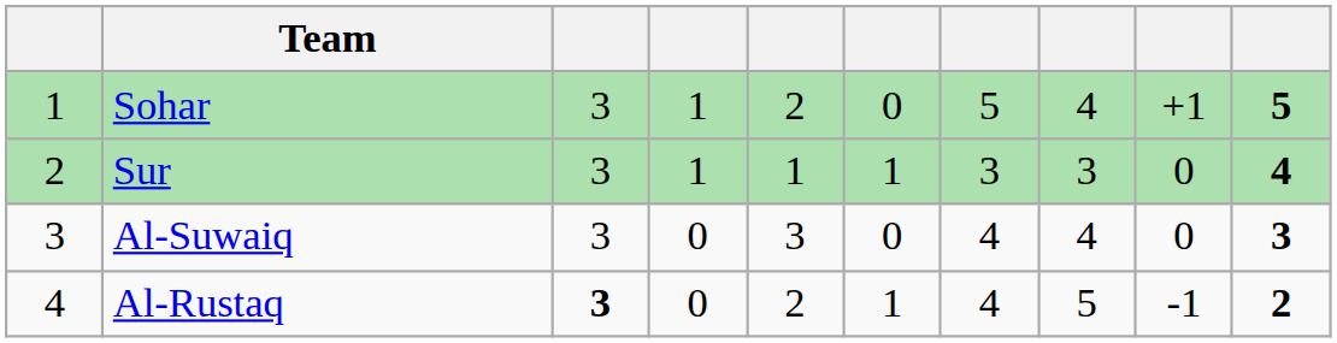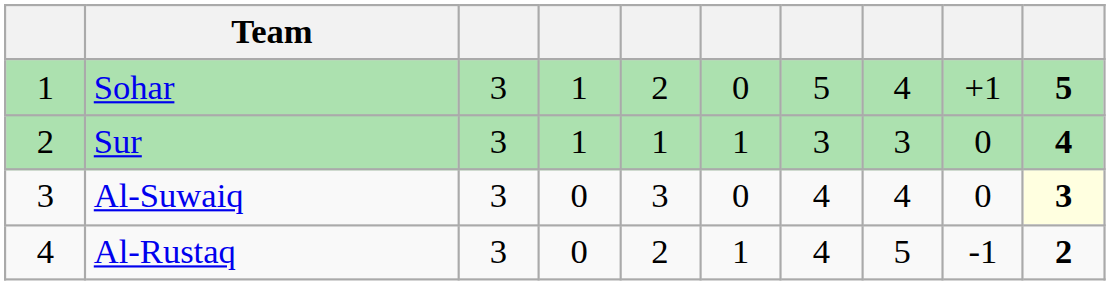 <table class="wikitable" style="text-align: center;">
 <tr>
 <th width=30></th>
 <th width=165>Team</th>
 <th width=30></th>
 <th width=30></th>
 <th width=30></th>
 <th width=30></th>
 <th width=30></th>
 <th width=30></th>
 <th width=30></th>
 <th width=30></th>
 </tr>
 <tr bgcolor=#ACE1AF>
 <td>1</td>
 <td align=left><a href='#'>Sohar</a></td>
 <td>3</td>
 <td>1</td>
 <td>2</td>
 <td>0</td>
 <td>5</td>
 <td>4</td>
 <td>+1</td>
 <td><strong>5</strong></td>
 </tr>
 <tr bgcolor=#ACE1AF>
 <td>2</td>
 <td align=left><a href='#'>Sur</a></td>
 <td>3</td>
 <td>1</td>
 <td>1</td>
 <td>1</td>
 <td>3</td>
 <td>3</td>
 <td>0</td>
 <td><strong>4</strong></td>
 </tr>
 <tr>
 <td>3</td>
 <td align=left><a href='#'>Al-Suwaiq</a></td>
 <td>3</td>
 <td>0</td>
 <td>3</td>
 <td>0</td>
 <td>4</td>
 <td>4</td>
 <td>0</td>
-<td><strong>3</strong></td>
+<td style="background: lightyellow;"><strong>3</strong></td>
 </tr>
 <tr>
 <td>4</td>
 <td align=left><a href='#'>Al-Rustaq</a></td>
-<td><strong>3</strong></td>
+<td>3</td>
 <td>0</td>
 <td>2</td>
 <td>1</td>
 <td>4</td>
 <td>5</td>
 <td>-1</td>
 <td><strong>2</strong></td>
 </tr>
 </table>
